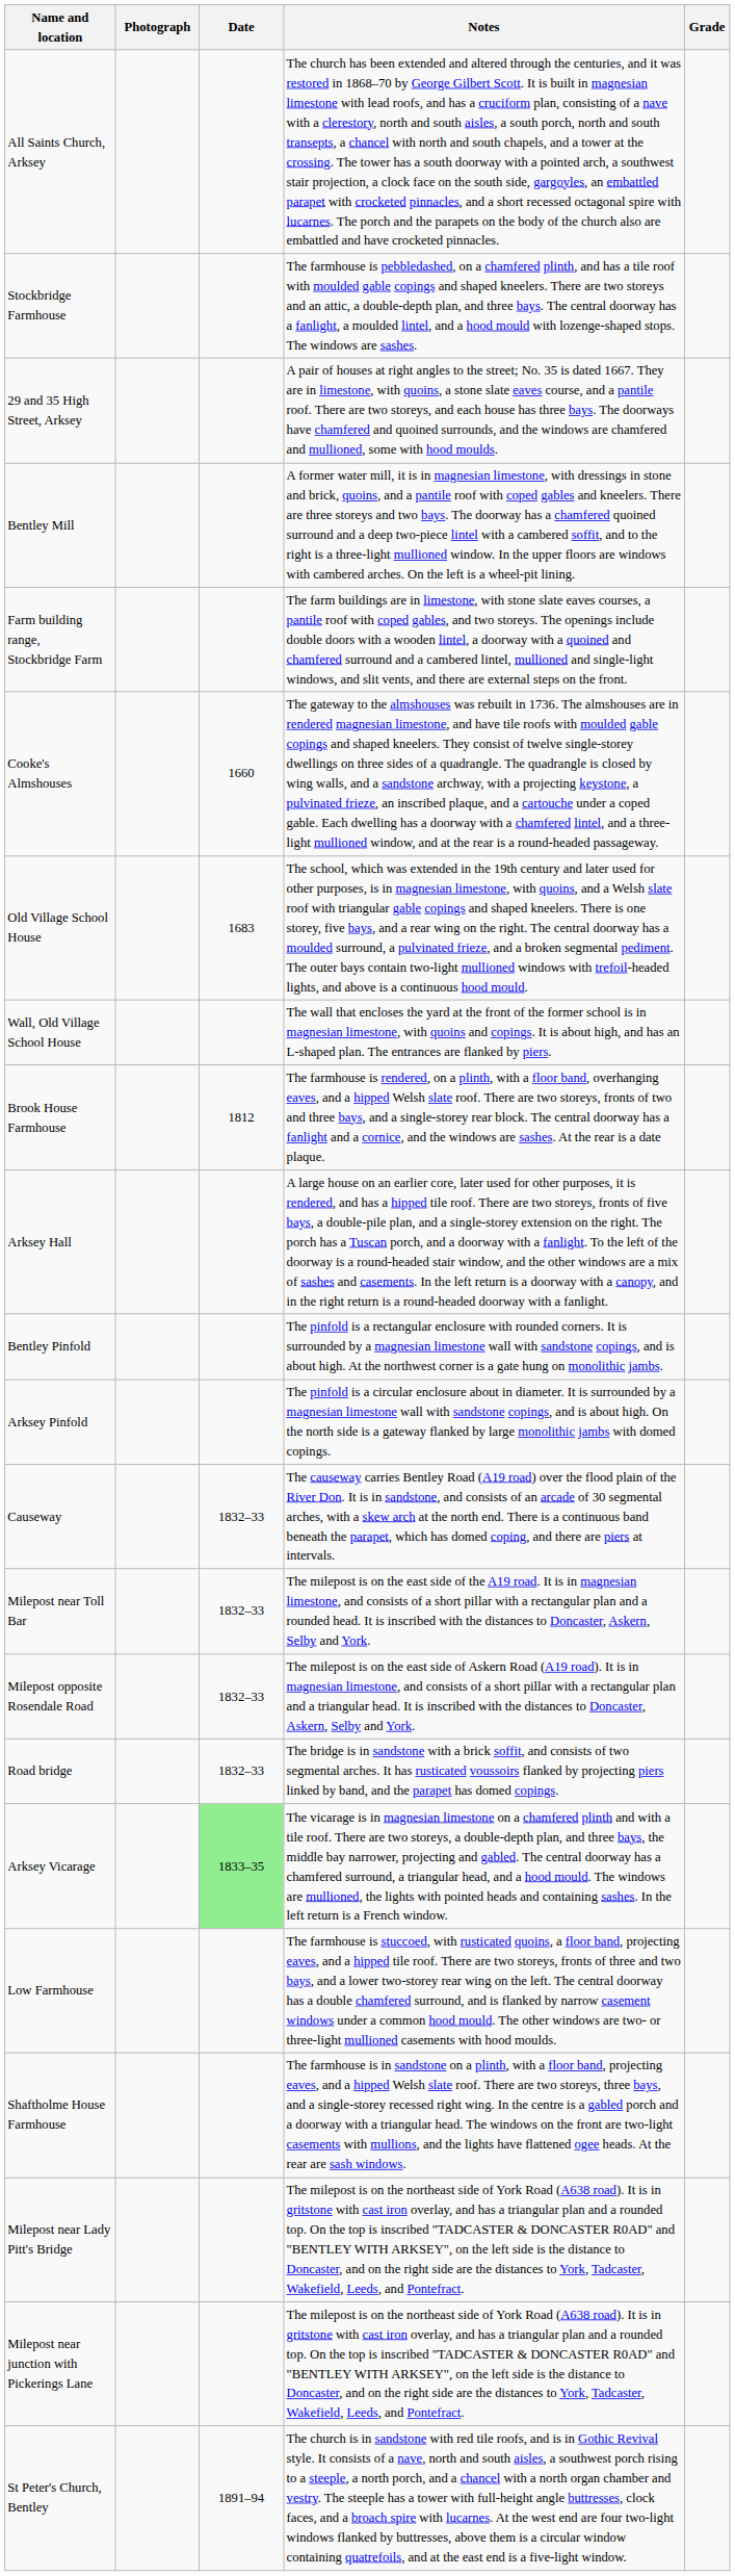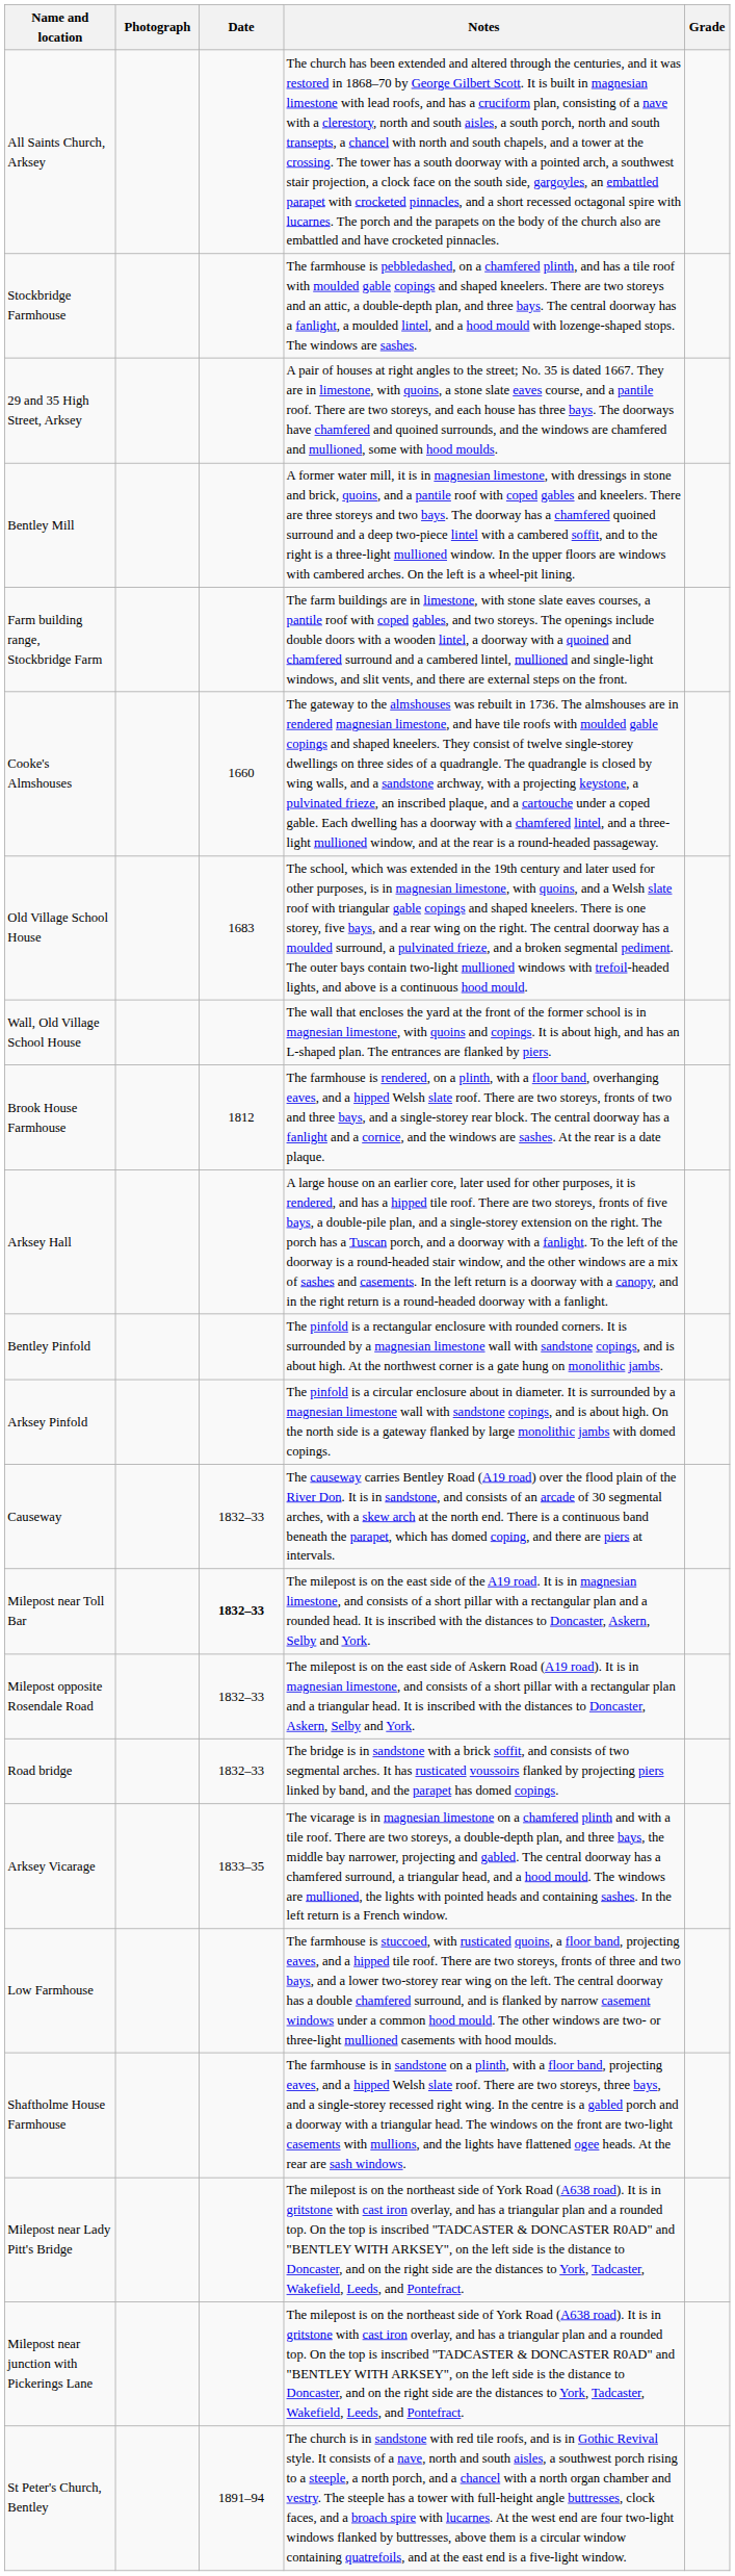 <table class="wikitable sortable plainrowheaders" style="width:100%; border:0; text-align:left; line-height:150%;">
 <tr>
 <th scope="col"  style="width:150px">Name and location</th>
 <th scope="col"  style="width:100px" class="unsortable">Photograph</th>
 <th scope="col"  style="width:120px">Date</th>
 <th scope="col"  style="width:650px" class="unsortable">Notes</th>
 <th scope="col"  style="width:50px">Grade</th>
 </tr>
 <tr>
 <td>All Saints Church, Arksey<br><small></small></td>
 <td></td>
 <td align="center"></td>
 <td>The church has been extended and altered through the centuries, and it was <a href='#'>restored</a> in 1868–70 by <a href='#'>George Gilbert Scott</a>.  It is built in <a href='#'>magnesian limestone</a> with lead roofs, and has a <a href='#'>cruciform</a> plan, consisting of a <a href='#'>nave</a> with a <a href='#'>clerestory</a>, north and south <a href='#'>aisles</a>, a south porch, north and south <a href='#'>transepts</a>, a <a href='#'>chancel</a> with north and south chapels, and a tower at the <a href='#'>crossing</a>.  The tower has a south doorway with a pointed arch, a southwest stair projection, a clock face on the south side, <a href='#'>gargoyles</a>, an <a href='#'>embattled</a> <a href='#'>parapet</a> with <a href='#'>crocketed</a> <a href='#'>pinnacles</a>, and a short recessed octagonal spire with <a href='#'>lucarnes</a>.  The porch and the parapets on the body of the church also are embattled and have crocketed pinnacles.</td>
 <td align="center" ></td>
 </tr>
 <tr>
 <td>Stockbridge Farmhouse<br><small></small></td>
 <td></td>
 <td align="center"></td>
 <td>The farmhouse is <a href='#'>pebbledashed</a>, on a <a href='#'>chamfered</a> <a href='#'>plinth</a>, and has a tile roof with <a href='#'>moulded</a> <a href='#'>gable</a> <a href='#'>copings</a> and shaped kneelers.  There are two storeys and an attic, a double-depth plan, and three <a href='#'>bays</a>.  The central doorway has a <a href='#'>fanlight</a>, a moulded <a href='#'>lintel</a>, and a <a href='#'>hood mould</a> with lozenge-shaped stops.  The windows are <a href='#'>sashes</a>.</td>
 <td align="center" ></td>
 </tr>
 <tr>
 <td>29 and 35 High Street, Arksey<br><small></small></td>
 <td></td>
 <td align="center"></td>
 <td>A pair of houses at right angles to the street; No. 35 is dated 1667.  They are in <a href='#'>limestone</a>, with <a href='#'>quoins</a>, a stone slate <a href='#'>eaves</a> course, and a <a href='#'>pantile</a> roof.  There are two storeys, and each house has three <a href='#'>bays</a>.  The doorways have <a href='#'>chamfered</a> and quoined surrounds, and the windows are chamfered and <a href='#'>mullioned</a>, some with <a href='#'>hood moulds</a>.</td>
 <td align="center" ></td>
 </tr>
 <tr>
 <td>Bentley Mill</td>
 <td></td>
 <td align="center"></td>
 <td>A former water mill, it is in <a href='#'>magnesian limestone</a>, with dressings in stone and brick, <a href='#'>quoins</a>, and a <a href='#'>pantile</a> roof with <a href='#'>coped</a> <a href='#'>gables</a> and kneelers.  There are three storeys and two <a href='#'>bays</a>.  The doorway has a <a href='#'>chamfered</a> quoined surround and a deep two-piece <a href='#'>lintel</a> with a cambered <a href='#'>soffit</a>, and to the right is a three-light <a href='#'>mullioned</a> window.  In the upper floors are windows with cambered arches.  On the left is a wheel-pit lining.</td>
 <td align="center" ></td>
 </tr>
 <tr>
 <td>Farm building range,<br>Stockbridge Farm<br><small></small></td>
 <td></td>
 <td align="center"></td>
 <td>The farm buildings are in <a href='#'>limestone</a>, with stone slate eaves courses, a <a href='#'>pantile</a> roof with <a href='#'>coped</a> <a href='#'>gables</a>, and two storeys.  The openings include double doors with a wooden <a href='#'>lintel</a>, a doorway with a <a href='#'>quoined</a> and <a href='#'>chamfered</a> surround and a cambered lintel, <a href='#'>mullioned</a> and single-light windows, and slit vents, and there are external steps on the front.</td>
 <td align="center" ></td>
 </tr>
 <tr>
 <td>Cooke's Almshouses<br><small></small></td>
 <td></td>
 <td align="center">1660</td>
 <td>The gateway to the <a href='#'>almshouses</a> was rebuilt in 1736.  The almshouses are in <a href='#'>rendered</a> <a href='#'>magnesian limestone</a>, and have tile roofs with <a href='#'>moulded</a> <a href='#'>gable</a> <a href='#'>copings</a> and shaped kneelers.  They consist of twelve single-storey dwellings on three sides of a quadrangle.  The quadrangle is closed by wing walls, and a <a href='#'>sandstone</a> archway, with a projecting <a href='#'>keystone</a>, a <a href='#'>pulvinated frieze</a>, an inscribed plaque, and a <a href='#'>cartouche</a> under a coped gable.  Each dwelling has a doorway with a <a href='#'>chamfered</a> <a href='#'>lintel</a>, and a three-light <a href='#'>mullioned</a> window, and at the rear is a round-headed passageway.</td>
 <td align="center" ></td>
 </tr>
 <tr>
 <td>Old Village School House<br><small></small></td>
 <td></td>
 <td align="center">1683</td>
 <td>The school, which was extended in the 19th century and later used for other purposes, is in <a href='#'>magnesian limestone</a>, with <a href='#'>quoins</a>, and a Welsh <a href='#'>slate</a> roof with triangular <a href='#'>gable</a> <a href='#'>copings</a> and shaped kneelers.  There is one storey, five <a href='#'>bays</a>, and a rear wing on the right. The central doorway has a <a href='#'>moulded</a> surround, a <a href='#'>pulvinated frieze</a>, and a broken segmental <a href='#'>pediment</a>.  The outer bays contain two-light <a href='#'>mullioned</a> windows with <a href='#'>trefoil</a>-headed lights, and above is a continuous <a href='#'>hood mould</a>.</td>
 <td align="center" ></td>
 </tr>
 <tr>
 <td>Wall, Old Village School House<br><small></small></td>
 <td></td>
 <td align="center"></td>
 <td>The wall that encloses the yard at the front of the former school is in <a href='#'>magnesian limestone</a>, with <a href='#'>quoins</a> and <a href='#'>copings</a>.  It is about  high, and has an L-shaped plan. The entrances are flanked by <a href='#'>piers</a>.</td>
 <td align="center" ></td>
 </tr>
 <tr>
 <td>Brook House Farmhouse<br><small></small></td>
 <td></td>
 <td align="center">1812</td>
 <td>The farmhouse is <a href='#'>rendered</a>, on a <a href='#'>plinth</a>, with a <a href='#'>floor band</a>, overhanging <a href='#'>eaves</a>, and a <a href='#'>hipped</a> Welsh <a href='#'>slate</a> roof.  There are two storeys, fronts of two and three <a href='#'>bays</a>, and a single-storey rear block.  The central doorway has a <a href='#'>fanlight</a> and a <a href='#'>cornice</a>, and the windows are <a href='#'>sashes</a>.  At the rear is a date plaque.</td>
 <td align="center" ></td>
 </tr>
 <tr>
 <td>Arksey Hall<br><small></small></td>
 <td></td>
 <td align="center"></td>
 <td>A large house on an earlier core, later used for other purposes, it is <a href='#'>rendered</a>, and has a <a href='#'>hipped</a> tile roof.  There are two storeys, fronts of five <a href='#'>bays</a>, a double-pile plan, and a single-storey extension on the right.  The porch has a <a href='#'>Tuscan</a> porch, and a doorway with a <a href='#'>fanlight</a>.  To the left of the doorway is a round-headed stair window, and the other windows are a mix of <a href='#'>sashes</a> and <a href='#'>casements</a>.  In the left return is a doorway with a <a href='#'>canopy</a>, and in the right return is a round-headed doorway with a fanlight.</td>
 <td align="center" ></td>
 </tr>
 <tr>
 <td>Bentley Pinfold<br><small></small></td>
 <td></td>
 <td align="center"></td>
 <td>The <a href='#'>pinfold</a> is a rectangular enclosure with rounded corners.  It is surrounded by a <a href='#'>magnesian limestone</a> wall with <a href='#'>sandstone</a> <a href='#'>copings</a>, and is about  high.  At the northwest corner is a gate hung on <a href='#'>monolithic</a> <a href='#'>jambs</a>.</td>
 <td align="center" ></td>
 </tr>
 <tr>
 <td>Arksey Pinfold<br><small></small></td>
 <td></td>
 <td align="center"></td>
 <td>The <a href='#'>pinfold</a> is a circular enclosure about  in diameter.  It is surrounded by a <a href='#'>magnesian limestone</a> wall with <a href='#'>sandstone</a> <a href='#'>copings</a>, and is about  high.  On the north side is a gateway flanked by large <a href='#'>monolithic</a> <a href='#'>jambs</a> with domed copings.</td>
 <td align="center" ></td>
 </tr>
 <tr>
 <td>Causeway<br><small></small></td>
 <td></td>
 <td align="center">1832–33</td>
 <td>The <a href='#'>causeway</a> carries Bentley Road (<a href='#'>A19 road</a>) over the flood plain of the <a href='#'>River Don</a>.  It is in <a href='#'>sandstone</a>, and consists of an <a href='#'>arcade</a> of 30 segmental arches, with a <a href='#'>skew arch</a> at the north end.  There is a continuous band beneath the <a href='#'>parapet</a>, which has domed <a href='#'>coping</a>, and there are <a href='#'>piers</a> at intervals.</td>
 <td align="center" ></td>
 </tr>
 <tr>
 <td>Milepost near Toll Bar<br><small></small></td>
 <td></td>
-<td align="center">1832–33</td>
+<td align="center"><strong>1832–33</strong></td>
 <td>The milepost is on the east side of the <a href='#'>A19 road</a>.  It is in <a href='#'>magnesian limestone</a>, and consists of a short pillar with a rectangular plan and a rounded head.  It is inscribed with the distances to <a href='#'>Doncaster</a>, <a href='#'>Askern</a>, <a href='#'>Selby</a> and <a href='#'>York</a>.</td>
 <td align="center" ></td>
 </tr>
 <tr>
 <td>Milepost opposite Rosendale Road<br><small></small></td>
 <td></td>
 <td align="center">1832–33</td>
 <td>The milepost is on the east side of Askern Road (<a href='#'>A19 road</a>).  It is in <a href='#'>magnesian limestone</a>, and consists of a short pillar with a rectangular plan and a triangular head. It is inscribed with the distances to <a href='#'>Doncaster</a>, <a href='#'>Askern</a>, <a href='#'>Selby</a> and <a href='#'>York</a>.</td>
 <td align="center" ></td>
 </tr>
 <tr>
 <td>Road bridge<br><small></small></td>
 <td></td>
 <td align="center">1832–33</td>
 <td>The bridge is in <a href='#'>sandstone</a> with a brick <a href='#'>soffit</a>, and consists of two segmental arches.  It has <a href='#'>rusticated</a> <a href='#'>voussoirs</a> flanked by projecting <a href='#'>piers</a> linked by band, and the <a href='#'>parapet</a> has domed <a href='#'>copings</a>.</td>
 <td align="center" ></td>
 </tr>
 <tr>
 <td>Arksey Vicarage<br><small></small></td>
 <td></td>
-<td align="center" style="background: lightgreen;">1833–35</td>
+<td align="center">1833–35</td>
 <td>The vicarage is in <a href='#'>magnesian limestone</a> on a <a href='#'>chamfered</a> <a href='#'>plinth</a> and with a tile roof.  There are two storeys, a double-depth plan, and three <a href='#'>bays</a>, the middle bay narrower, projecting and <a href='#'>gabled</a>.  The central doorway has a chamfered surround, a triangular head, and a <a href='#'>hood mould</a>.  The windows are <a href='#'>mullioned</a>, the lights with pointed heads and containing <a href='#'>sashes</a>.  In the left return is a French window.</td>
 <td align="center" ></td>
 </tr>
 <tr>
 <td>Low Farmhouse<br><small></small></td>
 <td></td>
 <td align="center"></td>
 <td>The farmhouse is <a href='#'>stuccoed</a>, with <a href='#'>rusticated</a> <a href='#'>quoins</a>, a <a href='#'>floor band</a>, projecting <a href='#'>eaves</a>, and a <a href='#'>hipped</a> tile roof.  There are two storeys, fronts of three and two <a href='#'>bays</a>, and a lower two-storey rear wing on the left.  The central doorway has a double <a href='#'>chamfered</a> surround, and is flanked by narrow <a href='#'>casement windows</a> under a common <a href='#'>hood mould</a>.  The other windows are two- or three-light <a href='#'>mullioned</a> casements with hood moulds.</td>
 <td align="center" ></td>
 </tr>
 <tr>
 <td>Shaftholme House Farmhouse<br><small></small></td>
 <td></td>
 <td align="center"></td>
 <td>The farmhouse is in <a href='#'>sandstone</a> on a <a href='#'>plinth</a>, with a <a href='#'>floor band</a>, projecting <a href='#'>eaves</a>, and a <a href='#'>hipped</a> Welsh <a href='#'>slate</a> roof.  There are two storeys, three <a href='#'>bays</a>, and a single-storey recessed right wing.  In the centre is a <a href='#'>gabled</a> porch and a doorway with a triangular head.  The windows on the front are two-light <a href='#'>casements</a> with <a href='#'>mullions</a>, and the lights have flattened <a href='#'>ogee</a> heads.  At the rear are <a href='#'>sash windows</a>.</td>
 <td align="center" ></td>
 </tr>
 <tr>
 <td>Milepost near Lady Pitt's Bridge<br><small></small></td>
 <td></td>
 <td align="center"></td>
 <td>The milepost is on the northeast side of York Road (<a href='#'>A638 road</a>).  It is in <a href='#'>gritstone</a> with <a href='#'>cast iron</a> overlay, and has a triangular plan and a rounded top.  On the top is inscribed "TADCASTER & DONCASTER R0AD" and "BENTLEY WITH ARKSEY", on the left side is the distance to <a href='#'>Doncaster</a>, and on the right side are the distances to <a href='#'>York</a>, <a href='#'>Tadcaster</a>, <a href='#'>Wakefield</a>, <a href='#'>Leeds</a>, and <a href='#'>Pontefract</a>.</td>
 <td align="center" ></td>
 </tr>
 <tr>
 <td>Milepost near junction with Pickerings Lane<br><small></small></td>
 <td></td>
 <td align="center"></td>
 <td>The milepost is on the northeast side of York Road (<a href='#'>A638 road</a>).  It is in <a href='#'>gritstone</a> with <a href='#'>cast iron</a> overlay, and has a triangular plan and a rounded top.  On the top is inscribed "TADCASTER & DONCASTER R0AD" and "BENTLEY WITH ARKSEY", on the left side is the distance to <a href='#'>Doncaster</a>, and on the right side are the distances to <a href='#'>York</a>, <a href='#'>Tadcaster</a>, <a href='#'>Wakefield</a>, <a href='#'>Leeds</a>, and <a href='#'>Pontefract</a>.</td>
 <td align="center" ></td>
 </tr>
 <tr>
 <td>St Peter's Church, Bentley<br><small></small></td>
 <td></td>
 <td align="center">1891–94</td>
 <td>The church is in <a href='#'>sandstone</a> with red tile roofs, and is in <a href='#'>Gothic Revival</a> style.  It consists of a <a href='#'>nave</a>, north and south <a href='#'>aisles</a>, a southwest porch rising to a <a href='#'>steeple</a>, a north porch, and a <a href='#'>chancel</a> with a north organ chamber and <a href='#'>vestry</a>.  The steeple has a tower with full-height angle <a href='#'>buttresses</a>, clock faces, and a <a href='#'>broach spire</a> with <a href='#'>lucarnes</a>.  At the west end are four two-light windows flanked by buttresses, above them is a circular window containing <a href='#'>quatrefoils</a>, and at the east end is a five-light window.</td>
 <td align="center" ></td>
 </tr>
 <tr>
 </tr>
 </table>
